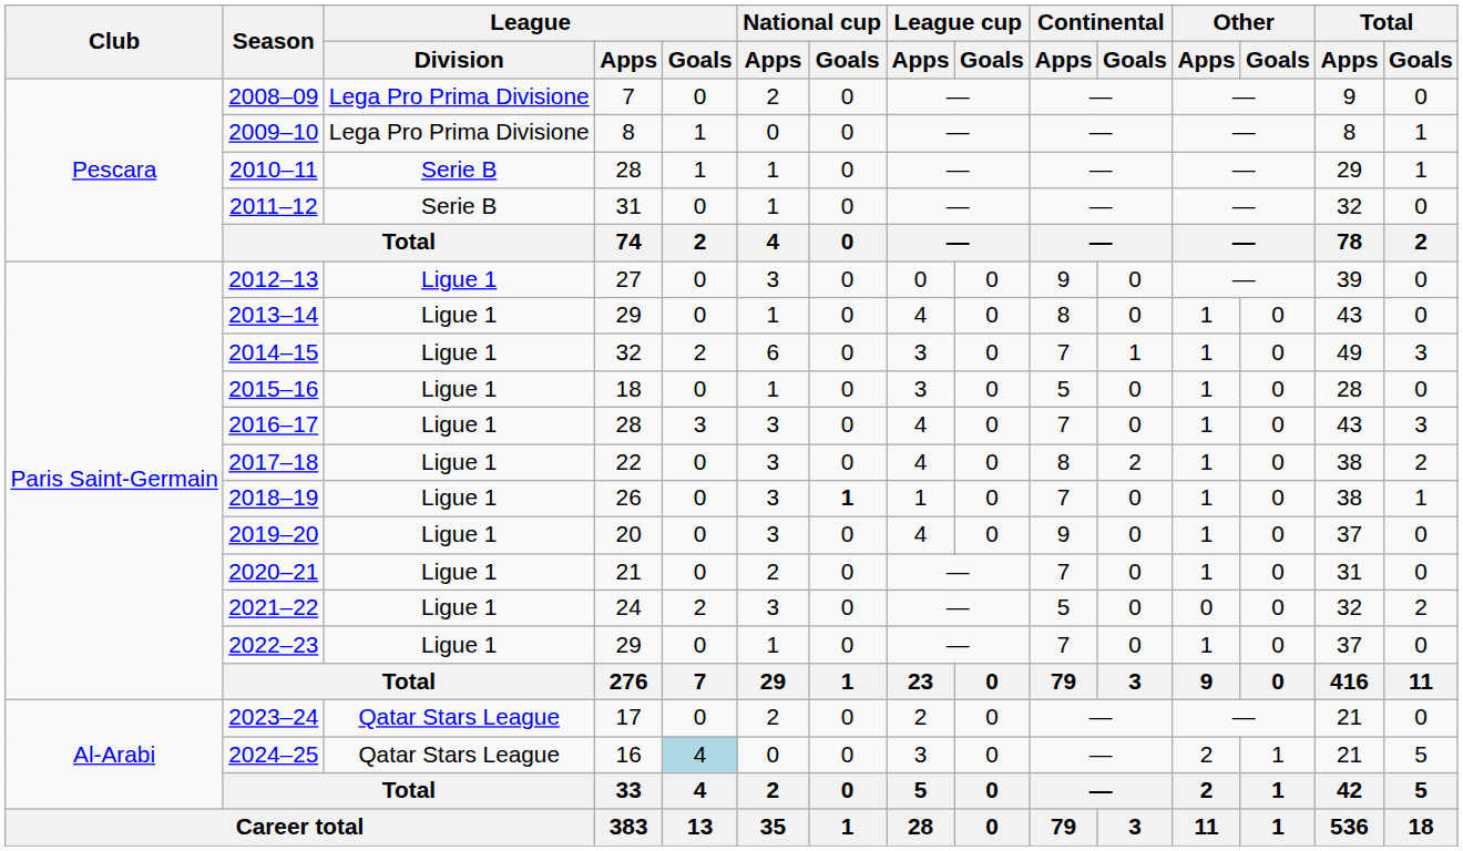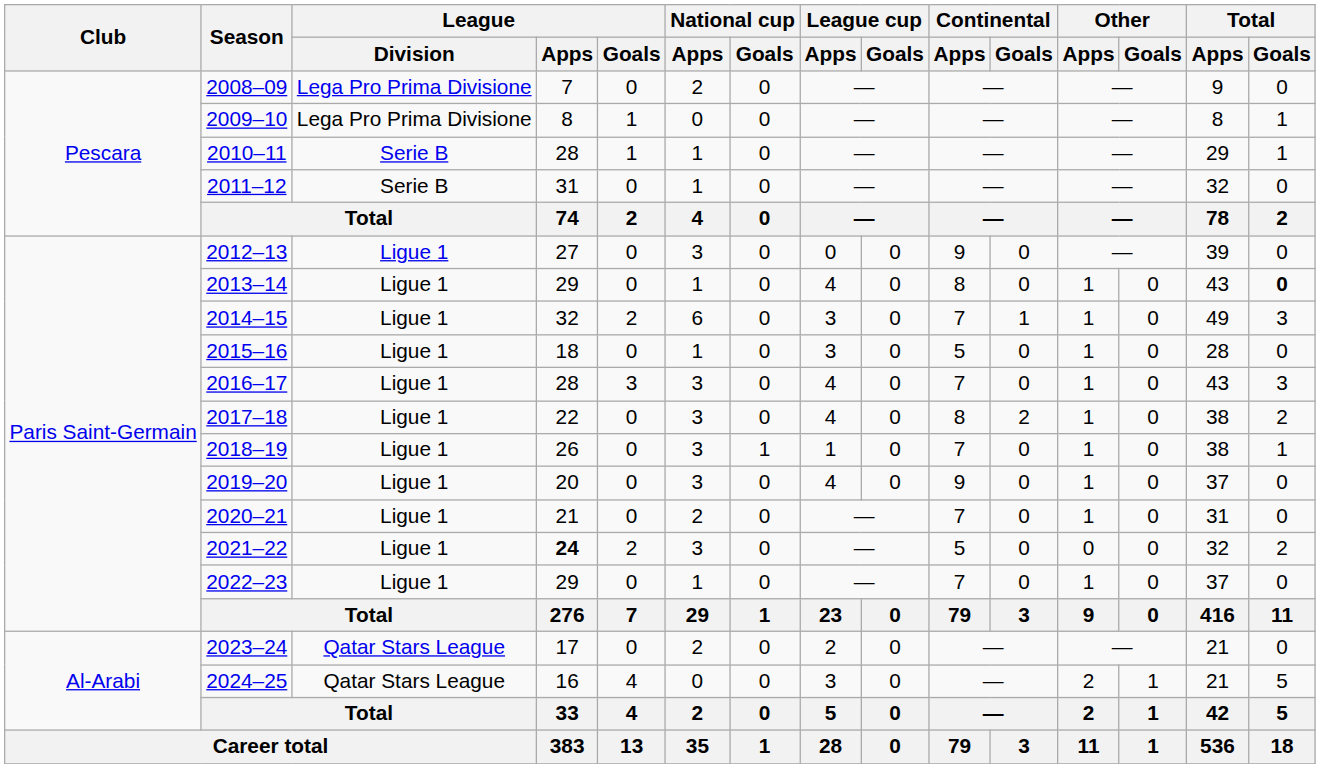 <table class="wikitable" style="text-align:center">
 <tr>
 <th rowspan="2">Club</th>
 <th rowspan="2">Season</th>
 <th colspan="3">League</th>
 <th colspan="2">National cup</th>
 <th colspan="2">League cup</th>
 <th colspan="2">Continental</th>
 <th colspan="2">Other</th>
 <th colspan="2">Total</th>
 </tr>
 <tr>
 <th>Division</th>
 <th>Apps</th>
 <th>Goals</th>
 <th>Apps</th>
 <th>Goals</th>
 <th>Apps</th>
 <th>Goals</th>
 <th>Apps</th>
 <th>Goals</th>
 <th>Apps</th>
 <th>Goals</th>
 <th>Apps</th>
 <th>Goals</th>
 </tr>
 <tr>
 <td rowspan="5"><a href='#'>Pescara</a></td>
 <td><a href='#'>2008–09</a></td>
 <td><a href='#'>Lega Pro Prima Divisione</a></td>
 <td>7</td>
 <td>0</td>
 <td>2</td>
 <td>0</td>
 <td colspan="2">—</td>
 <td colspan="2">—</td>
 <td colspan="2">—</td>
 <td>9</td>
 <td>0</td>
 </tr>
 <tr>
 <td><a href='#'>2009–10</a></td>
 <td>Lega Pro Prima Divisione</td>
 <td>8</td>
 <td>1</td>
 <td>0</td>
 <td>0</td>
 <td colspan="2">—</td>
 <td colspan="2">—</td>
 <td colspan="2">—</td>
 <td>8</td>
 <td>1</td>
 </tr>
 <tr>
 <td><a href='#'>2010–11</a></td>
 <td><a href='#'>Serie B</a></td>
 <td>28</td>
 <td>1</td>
 <td>1</td>
 <td>0</td>
 <td colspan="2">—</td>
 <td colspan="2">—</td>
 <td colspan="2">—</td>
 <td>29</td>
 <td>1</td>
 </tr>
 <tr>
 <td><a href='#'>2011–12</a></td>
 <td>Serie B</td>
 <td>31</td>
 <td>0</td>
 <td>1</td>
 <td>0</td>
 <td colspan="2">—</td>
 <td colspan="2">—</td>
 <td colspan="2">—</td>
 <td>32</td>
 <td>0</td>
 </tr>
 <tr>
 <th colspan="2">Total</th>
 <th>74</th>
 <th>2</th>
 <th>4</th>
 <th>0</th>
 <th colspan="2">—</th>
 <th colspan="2">—</th>
 <th colspan="2">—</th>
 <th>78</th>
 <th>2</th>
 </tr>
 <tr>
 <td rowspan="12"><a href='#'>Paris Saint-Germain</a></td>
 <td><a href='#'>2012–13</a></td>
 <td><a href='#'>Ligue 1</a></td>
 <td>27</td>
 <td>0</td>
 <td>3</td>
 <td>0</td>
 <td>0</td>
 <td>0</td>
 <td>9</td>
 <td>0</td>
 <td colspan="2">—</td>
 <td>39</td>
 <td>0</td>
 </tr>
 <tr>
 <td><a href='#'>2013–14</a></td>
 <td>Ligue 1</td>
 <td>29</td>
 <td>0</td>
 <td>1</td>
 <td>0</td>
 <td>4</td>
 <td>0</td>
 <td>8</td>
 <td>0</td>
 <td>1</td>
 <td>0</td>
 <td>43</td>
-<td>0</td>
+<td><strong>0</strong></td>
 </tr>
 <tr>
 <td><a href='#'>2014–15</a></td>
 <td>Ligue 1</td>
 <td>32</td>
 <td>2</td>
 <td>6</td>
 <td>0</td>
 <td>3</td>
 <td>0</td>
 <td>7</td>
 <td>1</td>
 <td>1</td>
 <td>0</td>
 <td>49</td>
 <td>3</td>
 </tr>
 <tr>
 <td><a href='#'>2015–16</a></td>
 <td>Ligue 1</td>
 <td>18</td>
 <td>0</td>
 <td>1</td>
 <td>0</td>
 <td>3</td>
 <td>0</td>
 <td>5</td>
 <td>0</td>
 <td>1</td>
 <td>0</td>
 <td>28</td>
 <td>0</td>
 </tr>
 <tr>
 <td><a href='#'>2016–17</a></td>
 <td>Ligue 1</td>
 <td>28</td>
 <td>3</td>
 <td>3</td>
 <td>0</td>
 <td>4</td>
 <td>0</td>
 <td>7</td>
 <td>0</td>
 <td>1</td>
 <td>0</td>
 <td>43</td>
 <td>3</td>
 </tr>
 <tr>
 <td><a href='#'>2017–18</a></td>
 <td>Ligue 1</td>
 <td>22</td>
 <td>0</td>
 <td>3</td>
 <td>0</td>
 <td>4</td>
 <td>0</td>
 <td>8</td>
 <td>2</td>
 <td>1</td>
 <td>0</td>
 <td>38</td>
 <td>2</td>
 </tr>
 <tr>
 <td><a href='#'>2018–19</a></td>
 <td>Ligue 1</td>
 <td>26</td>
 <td>0</td>
 <td>3</td>
-<td><strong>1</strong></td>
+<td>1</td>
 <td>1</td>
 <td>0</td>
 <td>7</td>
 <td>0</td>
 <td>1</td>
 <td>0</td>
 <td>38</td>
 <td>1</td>
 </tr>
 <tr>
 <td><a href='#'>2019–20</a></td>
 <td>Ligue 1</td>
 <td>20</td>
 <td>0</td>
 <td>3</td>
 <td>0</td>
 <td>4</td>
 <td>0</td>
 <td>9</td>
 <td>0</td>
 <td>1</td>
 <td>0</td>
 <td>37</td>
 <td>0</td>
 </tr>
 <tr>
 <td><a href='#'>2020–21</a></td>
 <td>Ligue 1</td>
 <td>21</td>
 <td>0</td>
 <td>2</td>
 <td>0</td>
 <td colspan="2">—</td>
 <td>7</td>
 <td>0</td>
 <td>1</td>
 <td>0</td>
 <td>31</td>
 <td>0</td>
 </tr>
 <tr>
 <td><a href='#'>2021–22</a></td>
 <td>Ligue 1</td>
-<td>24</td>
+<td><strong>24</strong></td>
 <td>2</td>
 <td>3</td>
 <td>0</td>
 <td colspan="2">—</td>
 <td>5</td>
 <td>0</td>
 <td>0</td>
 <td>0</td>
 <td>32</td>
 <td>2</td>
 </tr>
 <tr>
 <td><a href='#'>2022–23</a></td>
 <td>Ligue 1</td>
 <td>29</td>
 <td>0</td>
 <td>1</td>
 <td>0</td>
 <td colspan="2">—</td>
 <td>7</td>
 <td>0</td>
 <td>1</td>
 <td>0</td>
 <td>37</td>
 <td>0</td>
 </tr>
 <tr>
 <th colspan="2">Total</th>
 <th>276</th>
 <th>7</th>
 <th>29</th>
 <th>1</th>
 <th>23</th>
 <th>0</th>
 <th>79</th>
 <th>3</th>
 <th>9</th>
 <th>0</th>
 <th>416</th>
 <th>11</th>
 </tr>
 <tr>
 <td rowspan="3"><a href='#'>Al-Arabi</a></td>
 <td><a href='#'>2023–24</a></td>
 <td><a href='#'>Qatar Stars League</a></td>
 <td>17</td>
 <td>0</td>
 <td>2</td>
 <td>0</td>
 <td>2</td>
 <td>0</td>
 <td colspan="2">—</td>
 <td colspan="2">—</td>
 <td>21</td>
 <td>0</td>
 </tr>
 <tr>
 <td><a href='#'>2024–25</a></td>
 <td>Qatar Stars League</td>
 <td>16</td>
-<td style="background: lightblue;">4</td>
+<td>4</td>
 <td>0</td>
 <td>0</td>
 <td>3</td>
 <td>0</td>
 <td colspan="2">—</td>
 <td>2</td>
 <td>1</td>
 <td>21</td>
 <td>5</td>
 </tr>
 <tr>
 <th colspan="2">Total</th>
 <th>33</th>
 <th>4</th>
 <th>2</th>
 <th>0</th>
 <th>5</th>
 <th>0</th>
 <th colspan="2">—</th>
 <th>2</th>
 <th>1</th>
 <th>42</th>
 <th>5</th>
 </tr>
 <tr>
 <th colspan="3">Career total</th>
 <th>383</th>
 <th>13</th>
 <th>35</th>
 <th>1</th>
 <th>28</th>
 <th>0</th>
 <th>79</th>
 <th>3</th>
 <th>11</th>
 <th>1</th>
 <th>536</th>
 <th>18</th>
 </tr>
 </table>
